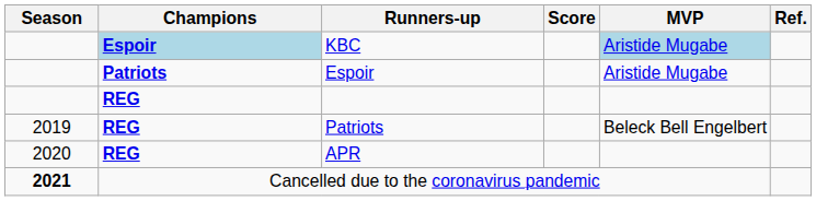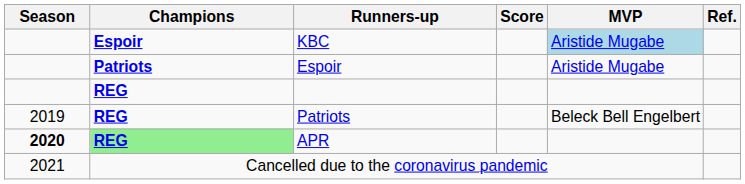 <table class="wikitable" style="text-align:left">
 <tr>
 <th scope="col" width=80>Season</th>
 <th scope="col" width=200>Champions</th>
 <th scope="col"width=200>Runners-up</th>
 <th>Score</th>
 <th>MVP</th>
 <th>Ref.</th>
 </tr>
 <tr>
 <td></td>
-<td style="background: lightblue;"><a href='#'><strong>Espoir</strong></a></td>
+<td><a href='#'><strong>Espoir</strong></a></td>
 <td><a href='#'>KBC</a></td>
 <td></td>
 <td style="background: lightblue;"><a href='#'>Aristide Mugabe</a></td>
 <td></td>
 </tr>
 <tr>
 <td></td>
 <td><a href='#'><strong>Patriots</strong></a></td>
 <td><a href='#'>Espoir</a></td>
 <td></td>
 <td><a href='#'>Aristide Mugabe</a></td>
 <td></td>
 </tr>
 <tr>
 <td></td>
 <td><strong><a href='#'>REG</a></strong></td>
 <td></td>
 <td></td>
 <td></td>
 <td></td>
 </tr>
 <tr>
 <td align="center">2019</td>
 <td><strong><a href='#'>REG</a></strong></td>
 <td><a href='#'>Patriots</a></td>
 <td></td>
 <td>Beleck Bell Engelbert</td>
 <td></td>
 </tr>
 <tr>
-<td align="center">2020</td>
-<td><strong><a href='#'>REG</a></strong></td>
+<td align="center"><strong>2020</strong></td>
+<td style="background: lightgreen;"><strong><a href='#'>REG</a></strong></td>
 <td><a href='#'>APR</a></td>
 <td></td>
 <td></td>
 <td></td>
 </tr>
 <tr>
-<td align="center"><strong>2021</strong></td>
+<td align="center">2021</td>
 <td colspan="4" align="center">Cancelled due to the <a href='#'>coronavirus pandemic</a></td>
 <td></td>
 </tr>
 </table>
